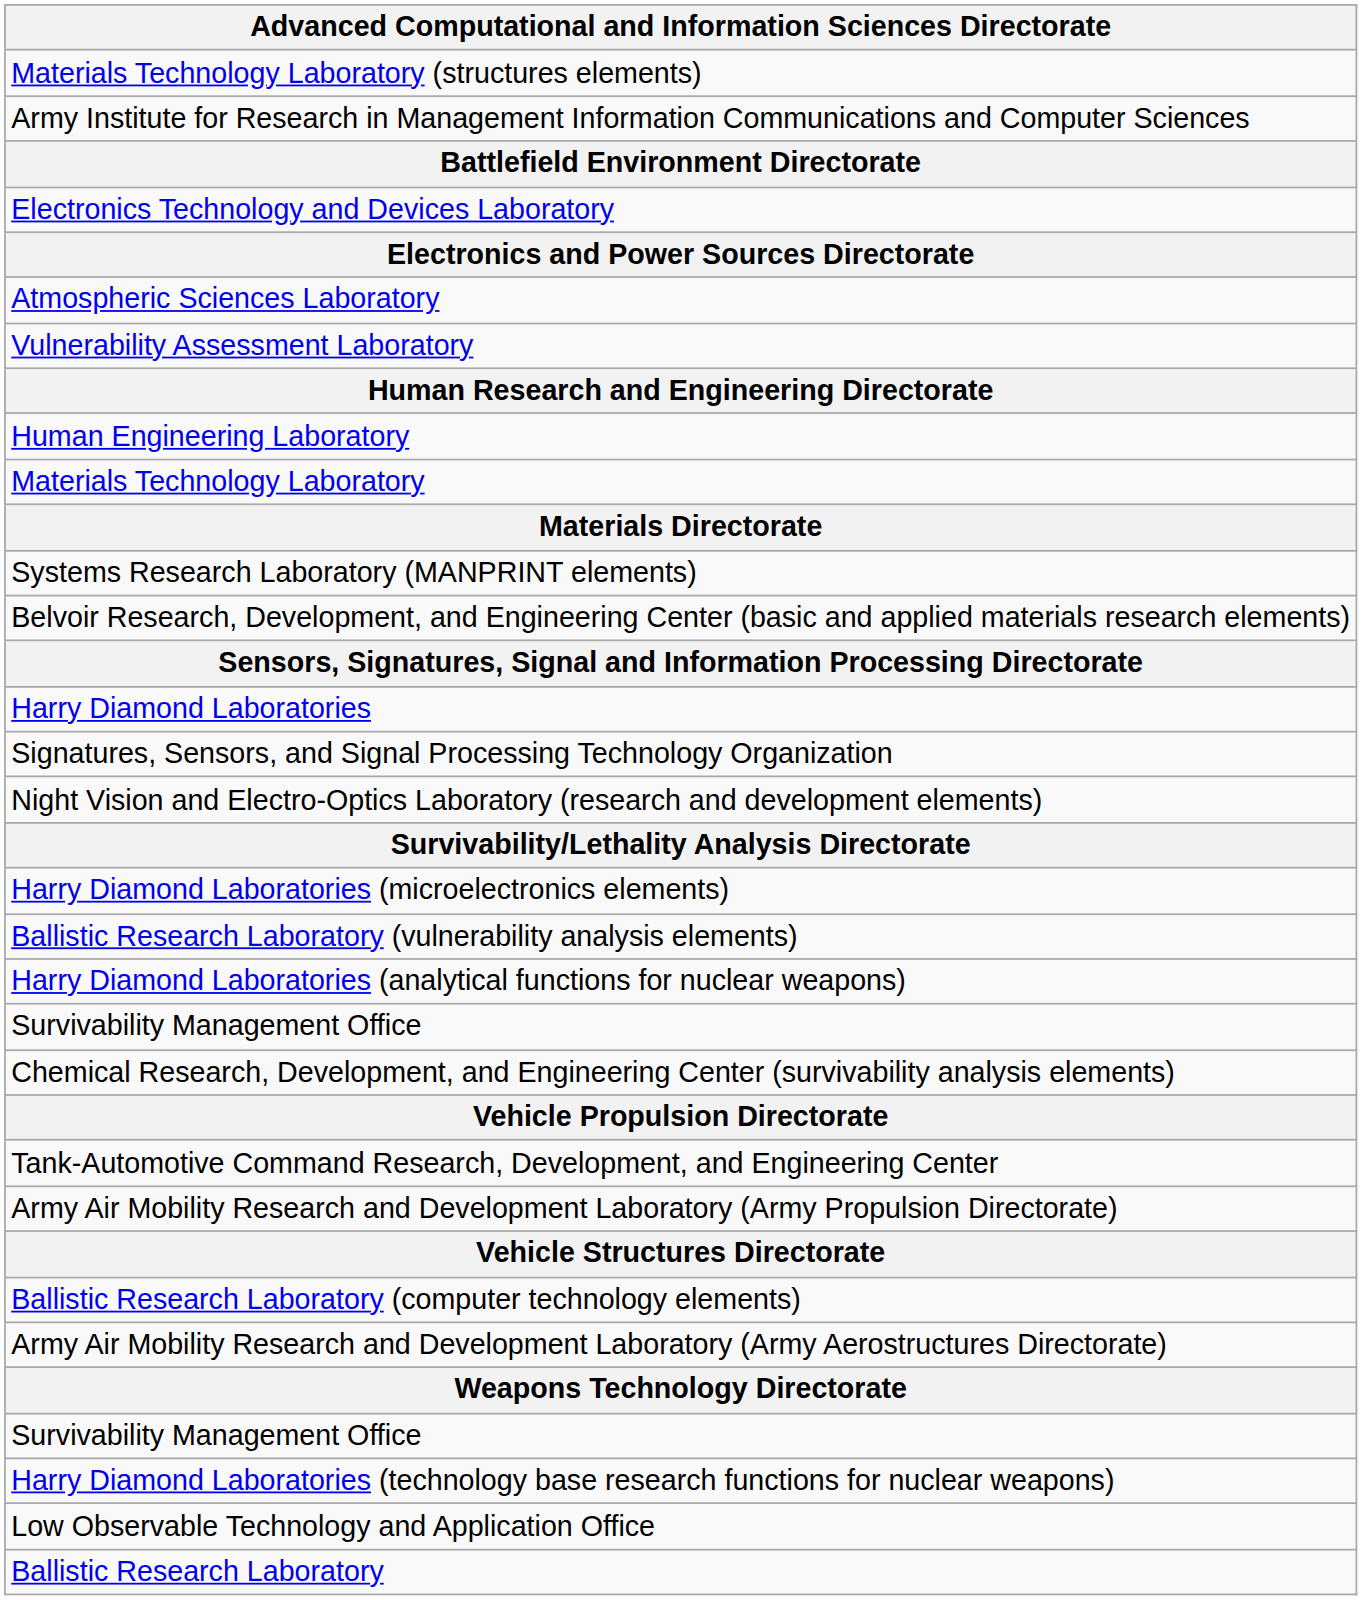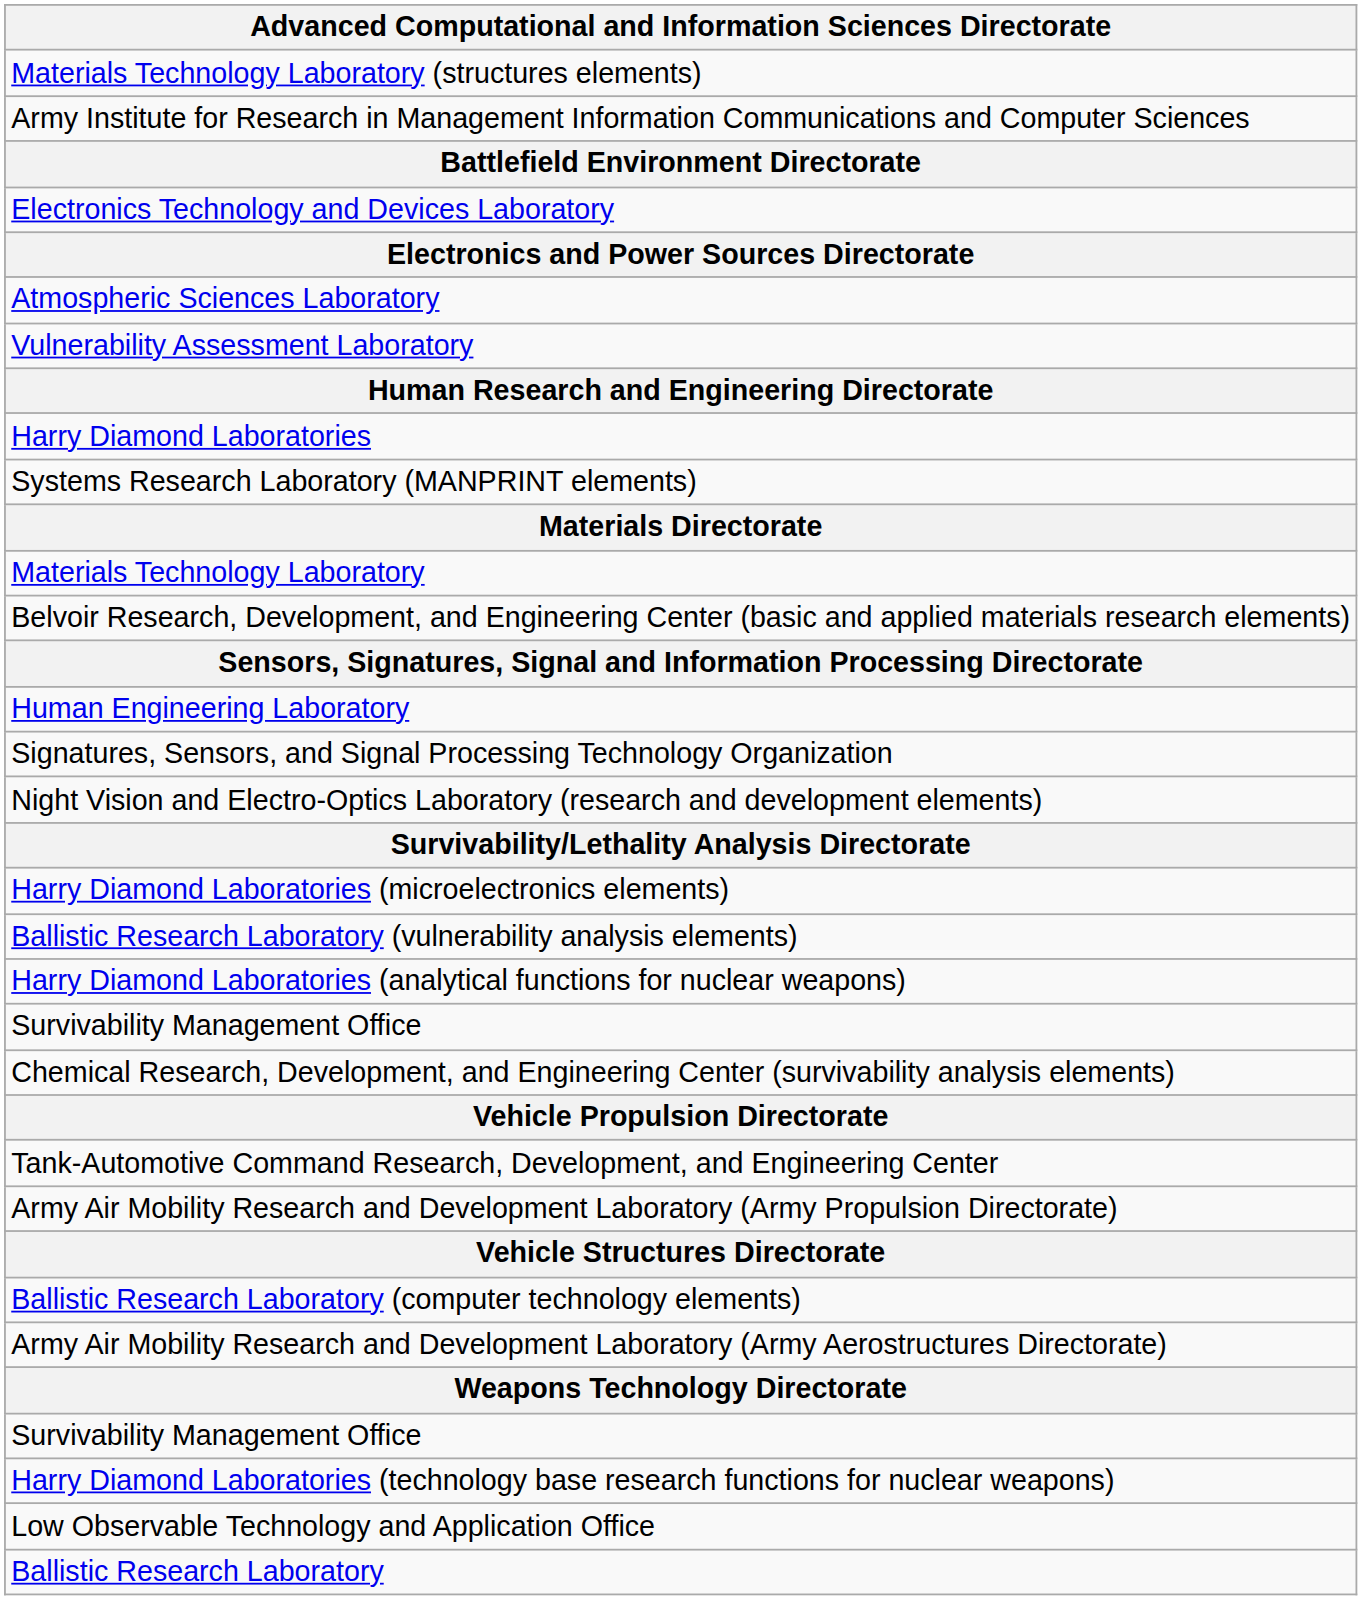 <table class="wikitable" style="margin-left: auto; margin-right: auto; border: none;">
 <tr>
 <th>Advanced Computational and Information Sciences Directorate</th>
 </tr>
 <tr>
 <td><a href='#'>Materials Technology Laboratory</a> (structures elements)</td>
 </tr>
 <tr>
 <td>Army Institute for Research in Management Information Communications and Computer Sciences</td>
 </tr>
 <tr>
 <th>Battlefield Environment Directorate</th>
 </tr>
 <tr>
 <td><a href='#'>Electronics Technology and Devices Laboratory</a></td>
 </tr>
 <tr>
 <th>Electronics and Power Sources Directorate</th>
 </tr>
 <tr>
 <td><a href='#'>Atmospheric Sciences Laboratory</a></td>
 </tr>
 <tr>
 <td><a href='#'>Vulnerability Assessment Laboratory</a></td>
 </tr>
 <tr>
 <th>Human Research and Engineering Directorate</th>
 </tr>
 <tr>
-<td><a href='#'>Human Engineering Laboratory</a></td>
+<td><a href='#'>Harry Diamond Laboratories</a></td>
 </tr>
 <tr>
-<td><a href='#'>Materials Technology Laboratory</a></td>
+<td>Systems Research Laboratory (MANPRINT elements)</td>
 </tr>
 <tr>
 <th>Materials Directorate</th>
 </tr>
 <tr>
-<td>Systems Research Laboratory (MANPRINT elements)</td>
+<td><a href='#'>Materials Technology Laboratory</a></td>
 </tr>
 <tr>
 <td>Belvoir Research, Development, and Engineering Center (basic and applied materials research elements)</td>
 </tr>
 <tr>
 <th>Sensors, Signatures, Signal and Information Processing Directorate</th>
 </tr>
 <tr>
-<td><a href='#'>Harry Diamond Laboratories</a></td>
+<td><a href='#'>Human Engineering Laboratory</a></td>
 </tr>
 <tr>
 <td>Signatures, Sensors, and Signal Processing Technology Organization</td>
 </tr>
 <tr>
 <td>Night Vision and Electro-Optics Laboratory (research and development elements)</td>
 </tr>
 <tr>
 <th>Survivability/Lethality Analysis Directorate</th>
 </tr>
 <tr>
 <td><a href='#'>Harry Diamond Laboratories</a> (microelectronics elements)</td>
 </tr>
 <tr>
 <td><a href='#'>Ballistic Research Laboratory</a> (vulnerability analysis elements)</td>
 </tr>
 <tr>
 <td><a href='#'>Harry Diamond Laboratories</a> (analytical functions for nuclear weapons)</td>
 </tr>
 <tr>
 <td>Survivability Management Office</td>
 </tr>
 <tr>
 <td>Chemical Research, Development, and Engineering Center (survivability analysis elements)</td>
 </tr>
 <tr>
 <th>Vehicle Propulsion Directorate</th>
 </tr>
 <tr>
 <td>Tank-Automotive Command Research, Development, and Engineering Center</td>
 </tr>
 <tr>
 <td>Army Air Mobility Research and Development Laboratory (Army Propulsion Directorate)</td>
 </tr>
 <tr>
 <th>Vehicle Structures Directorate</th>
 </tr>
 <tr>
 <td><a href='#'>Ballistic Research Laboratory</a> (computer technology elements)</td>
 </tr>
 <tr>
 <td>Army Air Mobility Research and Development Laboratory (Army Aerostructures Directorate)</td>
 </tr>
 <tr>
 <th>Weapons Technology Directorate</th>
 </tr>
 <tr>
 <td>Survivability Management Office</td>
 </tr>
 <tr>
 <td><a href='#'>Harry Diamond Laboratories</a> (technology base research functions for nuclear weapons)</td>
 </tr>
 <tr>
 <td>Low Observable Technology and Application Office</td>
 </tr>
 <tr>
 <td><a href='#'>Ballistic Research Laboratory</a></td>
 </tr>
 </table>
